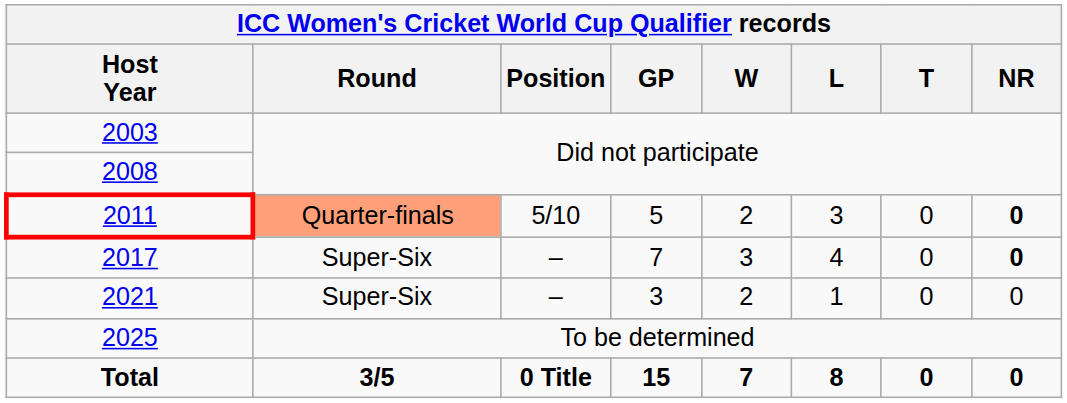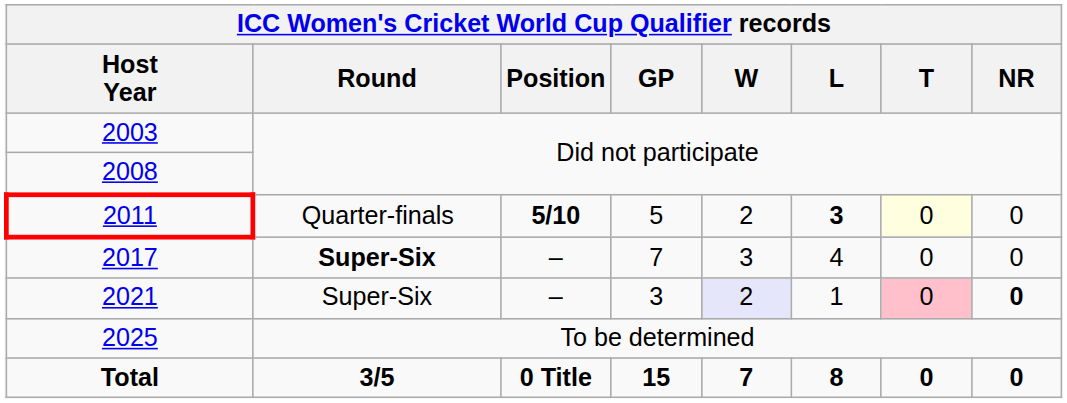 <table class="wikitable" style="text-align: center; width=900px;">
 <tr>
 <th colspan=9><a href='#'>ICC Women's Cricket World Cup Qualifier</a> records</th>
 </tr>
 <tr>
 <th width=150>Host<br>Year</th>
 <th width=150>Round</th>
 <th width=50>Position</th>
 <th width=50>GP</th>
 <th width=50>W</th>
 <th width=50>L</th>
 <th width=50>T</th>
 <th width=50>NR</th>
 </tr>
 <tr>
 <td> <a href='#'>2003</a></td>
 <td colspan=8 rowspan=2>Did not participate</td>
 </tr>
 <tr>
 <td> <a href='#'>2008</a></td>
 </tr>
 <tr>
 <td style="border: 3px solid red"> <a href='#'>2011</a></td>
-<td style="background: lightsalmon;">Quarter-finals</td>
-<td>5/10</td>
+<td>Quarter-finals</td>
+<td><strong>5/10</strong></td>
 <td>5</td>
 <td>2</td>
-<td>3</td>
+<td><strong>3</strong></td>
+<td style="background: lightyellow;">0</td>
 <td>0</td>
-<td><strong>0</strong></td>
 </tr>
 <tr>
 <td> <a href='#'>2017</a></td>
-<td>Super-Six</td>
+<td><strong>Super-Six</strong></td>
 <td>–</td>
 <td>7</td>
 <td>3</td>
 <td>4</td>
 <td>0</td>
-<td><strong>0</strong></td>
+<td>0</td>
 </tr>
 <tr>
 <td> <a href='#'>2021</a></td>
 <td>Super-Six</td>
 <td>–</td>
 <td>3</td>
-<td>2</td>
+<td style="background: lavender;">2</td>
 <td>1</td>
-<td>0</td>
-<td>0</td>
+<td style="background: pink;">0</td>
+<td><strong>0</strong></td>
 </tr>
 <tr>
 <td> <a href='#'>2025</a></td>
 <td colspan=8>To be determined</td>
 </tr>
 <tr>
 <td><strong>Total</strong></td>
 <td><strong>3/5</strong></td>
 <td><strong>0 Title</strong></td>
 <td><strong>15</strong></td>
 <td><strong>7</strong></td>
 <td><strong>8</strong></td>
 <td><strong>0</strong></td>
 <td><strong>0</strong></td>
 </tr>
 </table>
